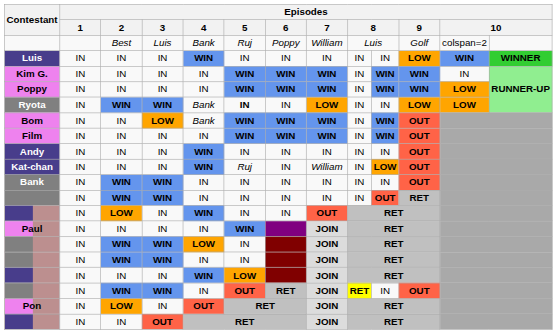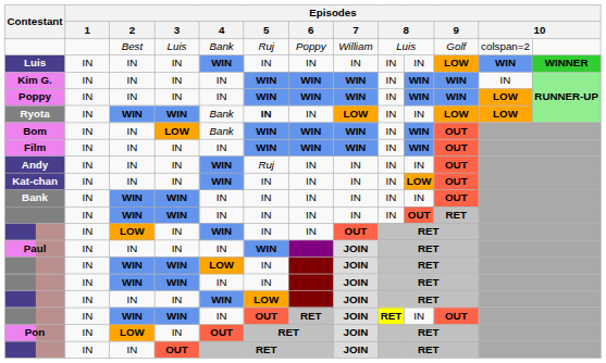 <table class="wikitable" style="text-align:center;">
 <tr>
 <th rowspan="2">Contestant</th>
 <th colspan=13>Episodes</th>
 </tr>
 <tr>
 <th style="width:60px;">1</th>
 <th style="width:60px;">2</th>
 <th style="width:60px;">3</th>
 <th style="width:60px;">4</th>
 <th style="width:60px;">5</th>
 <th style="width:60px;">6</th>
 <th style="width:60px;">7</th>
 <th colspan=2 style="width:60px;">8</th>
 <th style="width:60px;">9</th>
 <th colspan="2">10</th>
 </tr>
 <tr>
 <td></td>
 <td></td>
 <td><em>Best</em></td>
 <td><em>Luis</em></td>
 <td><em>Bank</em></td>
 <td><em>Ruj</em></td>
 <td><em>Poppy</em></td>
 <td><em>William</em></td>
 <td colspan=2><em>Luis</em></td>
 <td><em>Golf</em></td>
 <td>colspan=2 </td>
 </tr>
 <tr>
 <td style="background:darkslateblue;color:white;"><strong>Luis</strong></td>
 <td>IN</td>
 <td>IN</td>
 <td>IN</td>
 <td style="background:cornflowerblue;"><strong>WIN</strong></td>
 <td>IN</td>
 <td>IN</td>
 <td>IN</td>
 <td>IN</td>
 <td>IN</td>
 <td style="background:orange;"><strong>LOW</strong></td>
 <td style="background:cornflowerblue;"><strong>WIN</strong></td>
 <td style="background:limegreen;"><strong>WINNER</strong></td>
 </tr>
 <tr>
 <td style="background:violet;"><strong>Kim G.</strong></td>
 <td>IN</td>
 <td>IN</td>
 <td>IN</td>
 <td>IN</td>
 <td style="background:cornflowerblue;"><strong>WIN</strong></td>
 <td style="background:cornflowerblue;"><strong>WIN</strong></td>
 <td style="background:cornflowerblue;"><strong>WIN</strong></td>
 <td>IN</td>
 <td style="background:cornflowerblue;"><strong>WIN</strong></td>
 <td style="background:cornflowerblue;"><strong>WIN</strong></td>
 <td>IN</td>
 <td rowspan=3 style="background:lightgreen;"><strong>RUNNER-UP</strong></td>
 </tr>
 <tr>
 <td style="background:violet;"><strong>Poppy</strong></td>
 <td>IN</td>
 <td>IN</td>
 <td>IN</td>
 <td>IN</td>
 <td style="background:cornflowerblue;"><strong>WIN</strong></td>
 <td style="background:cornflowerblue;"><strong>WIN</strong></td>
 <td style="background:cornflowerblue;"><strong>WIN</strong></td>
 <td>IN</td>
 <td style="background:cornflowerblue;"><strong>WIN</strong></td>
 <td style="background:cornflowerblue;"><strong>WIN</strong></td>
 <td style="background:orange;"><strong>LOW</strong></td>
 </tr>
 <tr>
 <td style="background:gray;color:white;"><strong>Ryota</strong></td>
 <td>IN</td>
 <td style="background:cornflowerblue;"><strong>WIN</strong></td>
 <td style="background:cornflowerblue;"><strong>WIN</strong></td>
 <td><em>Bank</em></td>
 <td><strong>IN</strong></td>
 <td>IN</td>
 <td style="background:orange;"><strong>LOW</strong></td>
 <td>IN</td>
 <td>IN</td>
 <td style="background:orange;"><strong>LOW</strong></td>
 <td style="background:orange;"><strong>LOW</strong></td>
 </tr>
 <tr>
 <td style="background:violet;"><strong>Bom</strong></td>
 <td>IN</td>
 <td>IN</td>
 <td style="background:orange;"><strong>LOW</strong></td>
 <td><em>Bank</em></td>
 <td style="background:cornflowerblue;"><strong>WIN</strong></td>
 <td style="background:cornflowerblue;"><strong>WIN</strong></td>
 <td style="background:cornflowerblue;"><strong>WIN</strong></td>
 <td>IN</td>
 <td style="background:cornflowerblue;"><strong>WIN</strong></td>
 <td style="background:tomato;"><strong>OUT</strong></td>
 <td style="background:darkgrey;" colspan="2"></td>
 </tr>
 <tr>
 <td style="background:violet;"><strong>Film</strong></td>
 <td>IN</td>
 <td>IN</td>
 <td>IN</td>
 <td>IN</td>
 <td style="background:cornflowerblue;"><strong>WIN</strong></td>
 <td style="background:cornflowerblue;"><strong>WIN</strong></td>
 <td style="background:cornflowerblue;"><strong>WIN</strong></td>
 <td>IN</td>
 <td style="background:cornflowerblue;"><strong>WIN</strong></td>
 <td style="background:tomato;"><strong>OUT</strong></td>
 <td style="background:darkgrey;" colspan="2"></td>
 </tr>
 <tr>
 <td style="background:darkslateblue;color:white;"><strong>Andy</strong></td>
 <td>IN</td>
 <td>IN</td>
 <td>IN</td>
 <td style="background:cornflowerblue;"><strong>WIN</strong></td>
-<td>IN</td>
+<td><em>Ruj</em></td>
 <td>IN</td>
 <td>IN</td>
 <td>IN</td>
 <td>IN</td>
 <td style="background:tomato;"><strong>OUT</strong></td>
 <td style="background:darkgrey;" colspan="2"></td>
 </tr>
 <tr>
 <td style="background:darkslateblue;color:white;"><strong>Kat-chan</strong></td>
 <td>IN</td>
 <td>IN</td>
 <td>IN</td>
 <td style="background:cornflowerblue;"><strong>WIN</strong></td>
-<td><em>Ruj</em></td>
 <td>IN</td>
-<td><em>William</em></td>
+<td>IN</td>
+<td>IN</td>
 <td>IN</td>
 <td style="background:orange;"><strong>LOW</strong></td>
 <td style="background:tomato;"><strong>OUT</strong></td>
 <td style="background:darkgrey;" colspan="2"></td>
 </tr>
 <tr>
 <td style="background:gray;color:white;"><strong>Bank</strong></td>
 <td>IN</td>
 <td style="background:cornflowerblue;"><strong>WIN</strong></td>
 <td style="background:cornflowerblue;"><strong>WIN</strong></td>
 <td>IN</td>
 <td>IN</td>
 <td>IN</td>
 <td>IN</td>
 <td>IN</td>
 <td>IN</td>
 <td style="background:tomato;"><strong>OUT</strong></td>
 <td style="background:darkgrey;" colspan="2"></td>
 </tr>
 <tr>
 <td style="background:gray;"></td>
 <td>IN</td>
 <td style="background:cornflowerblue;"><strong>WIN</strong></td>
 <td style="background:cornflowerblue;"><strong>WIN</strong></td>
 <td>IN</td>
 <td>IN</td>
 <td>IN</td>
 <td>IN</td>
 <td>IN</td>
 <td style="background:tomato;"><strong>OUT</strong></td>
 <td style="background:silver;"><strong>RET</strong></td>
 <td style="background:darkgrey;" colspan="2"></td>
 </tr>
 <tr>
 <td style="background:linear-gradient(to right, darkslateblue 50%, rosybrown 50%);"></td>
 <td>IN</td>
 <td style="background:orange;"><strong>LOW</strong></td>
 <td>IN</td>
 <td style="background:cornflowerblue;"><strong>WIN</strong></td>
 <td>IN</td>
 <td>IN</td>
 <td style="background:tomato;"><strong>OUT</strong></td>
 <td style="background:silver;" colspan="3"><strong>RET</strong></td>
 <td style="background:darkgrey;" colspan="2"></td>
 </tr>
 <tr>
 <td style="background:linear-gradient(to right, violet 50%, rosybrown 50%);"><strong>Paul</strong></td>
 <td>IN</td>
 <td>IN</td>
 <td>IN</td>
 <td>IN</td>
 <td style="background:cornflowerblue;"><strong>WIN</strong></td>
 <td style="background:purple;"><strong></strong></td>
 <td style="background:gainsboro;"><strong>JOIN</strong></td>
 <td style="background:silver;" colspan="3"><strong>RET</strong></td>
 <td style="background:darkgrey;" colspan="2"></td>
 </tr>
 <tr>
 <td style="background:linear-gradient(to right, gray 50%, rosybrown 50%);"></td>
 <td>IN</td>
 <td style="background:cornflowerblue;"><strong>WIN</strong></td>
 <td style="background:cornflowerblue;"><strong>WIN</strong></td>
 <td style="background:orange;"><strong>LOW</strong></td>
 <td>IN</td>
 <td style="background:maroon;"><strong></strong></td>
 <td style="background:gainsboro;"><strong>JOIN</strong></td>
 <td style="background:silver;" colspan="3"><strong>RET</strong></td>
 <td style="background:darkgrey;" colspan="2"></td>
 </tr>
 <tr>
 <td style="background:linear-gradient(to right, gray 50%, rosybrown 50%);"></td>
 <td>IN</td>
 <td style="background:cornflowerblue;"><strong>WIN</strong></td>
 <td style="background:cornflowerblue;"><strong>WIN</strong></td>
 <td>IN</td>
 <td>IN</td>
 <td style="background:maroon;"><strong></strong></td>
 <td style="background:gainsboro;"><strong>JOIN</strong></td>
 <td style="background:silver;" colspan="3"><strong>RET</strong></td>
 <td style="background:darkgrey;" colspan="2"></td>
 </tr>
 <tr>
 <td style="background:linear-gradient(to right, darkslateblue 50%, rosybrown 50%);"></td>
 <td>IN</td>
 <td>IN</td>
 <td>IN</td>
 <td style="background:cornflowerblue;"><strong>WIN</strong></td>
 <td style="background:orange;"><strong>LOW</strong></td>
 <td style="background:maroon;"><strong></strong></td>
 <td style="background:gainsboro;"><strong>JOIN</strong></td>
 <td style="background:silver;" colspan="3"><strong>RET</strong></td>
 <td style="background:darkgrey;" colspan="2"></td>
 </tr>
 <tr>
 <td style="background:linear-gradient(to right, gray 50%, rosybrown 50%);"></td>
 <td>IN</td>
 <td style="background:cornflowerblue;"><strong>WIN</strong></td>
 <td style="background:cornflowerblue;"><strong>WIN</strong></td>
 <td>IN</td>
 <td style="background:tomato;"><strong>OUT</strong></td>
 <td style="background:silver;"><strong>RET</strong></td>
 <td style="background:gainsboro;"><strong>JOIN</strong></td>
 <td style="background:yellow;"><strong>RET</strong></td>
 <td>IN</td>
 <td style="background:tomato;"><strong>OUT</strong></td>
 <td style="background:darkgrey;" colspan="2"></td>
 </tr>
 <tr>
 <td style="background:linear-gradient(to right, violet 50%, rosybrown 50%);"><strong>Pon</strong></td>
 <td>IN</td>
 <td style="background:orange;"><strong>LOW</strong></td>
 <td>IN</td>
 <td style="background:tomato;"><strong>OUT</strong></td>
 <td style="background:silver;" colspan="2"><strong>RET</strong></td>
 <td style="background:gainsboro;"><strong>JOIN</strong></td>
 <td style="background:silver;" colspan="3"><strong>RET</strong></td>
 <td style="background:darkgrey;" colspan="2"></td>
 </tr>
 <tr>
 <td style="background:linear-gradient(to right, darkslateblue 50%, rosybrown 50%);"></td>
 <td>IN</td>
 <td>IN</td>
 <td style="background:tomato;"><strong>OUT</strong></td>
 <td style="background:silver;" colspan="3"><strong>RET</strong></td>
 <td style="background:gainsboro;"><strong>JOIN</strong></td>
 <td style="background:silver;" colspan="3"><strong>RET</strong></td>
 <td style="background:darkgrey;" colspan="2"></td>
 </tr>
 </table>
